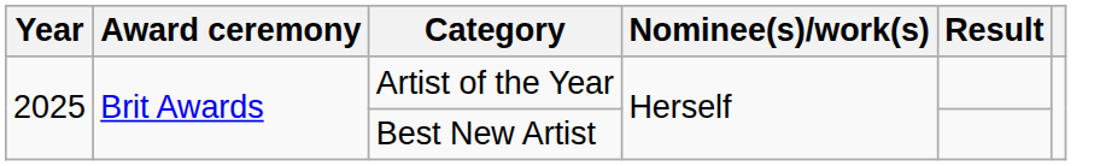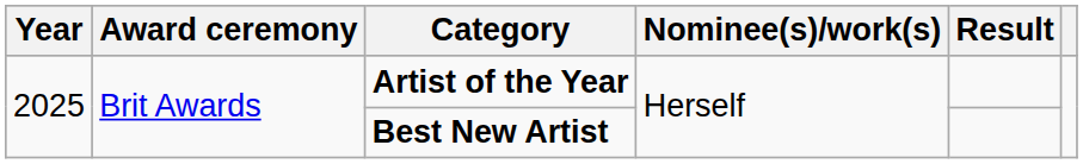 <table class="wikitable sortable plainrowheaders">
 <tr>
 <th scope="col">Year</th>
 <th scope="col">Award ceremony</th>
 <th scope="col">Category</th>
 <th scope="col">Nominee(s)/work(s)</th>
 <th scope="col">Result</th>
 <th scope="col" class="unsortable"></th>
 </tr>
 <tr>
 <td rowspan="2">2025</td>
 <td rowspan="2"><a href='#'>Brit Awards</a></td>
-<td>Artist of the Year</td>
+<td><strong>Artist of the Year</strong></td>
 <td rowspan="2">Herself</td>
 <td></td>
 <td align="center" rowspan="2"></td>
 </tr>
 <tr>
-<td>Best New Artist</td>
+<td><strong>Best New Artist</strong></td>
 <td></td>
 </tr>
 </table>
